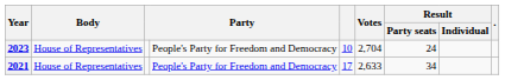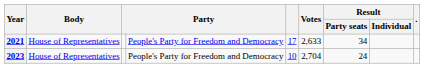 <table class="wikitable plainrowheaders sortable" border=2 cellpadding=4 cellspacing=0 style="border: 1px #aaa solid; font-size: 90%; text-align:center;">
 <tr>
 <th scope="col" rowspan=2>Year</th>
 <th scope="col" rowspan=2>Body</th>
 <th scope="col" colspan=2 rowspan=2>Party</th>
 <th scope="col" rowspan=2></th>
 <th scope="col" rowspan=2>Votes</th>
 <th scope="colgroup" colspan=2>Result</th>
 <th scope="col" rowspan=2 class="unsortable">.</th>
 </tr>
 <tr>
 <th scope="col">Party seats</th>
 <th scope="col">Individual</th>
 </tr>
 <tr>
+<th scope="row"><a href='#'>2021</a></th>
+<td><a href='#'>House of Representatives</a></td>
+<td style="background-color:"></td>
+<td><a href='#'>People's Party for Freedom and Democracy</a></td>
+<td style=text-align:right><a href='#'>17</a></td>
+<td style=text-align:right>2,633</td>
+<td style=text-align:right>34</td>
+<td></td>
+<td></td>
+</tr>
+<tr>
 <th scope="row"><a href='#'>2023</a></th>
 <td><a href='#'>House of Representatives</a></td>
 <td style="background-color:"></td>
 <td>People's Party for Freedom and Democracy</td>
 <td style=text-align:right><a href='#'>10</a></td>
 <td style=text-align:right>2,704</td>
 <td style=text-align:right>24</td>
 <td></td>
 <td></td>
 </tr>
-<tr>
-<th scope="row"><a href='#'>2021</a></th>
-<td><a href='#'>House of Representatives</a></td>
-<td style="background-color:"></td>
-<td><a href='#'>People's Party for Freedom and Democracy</a></td>
-<td style=text-align:right><a href='#'>17</a></td>
-<td style=text-align:right>2,633</td>
-<td style=text-align:right>34</td>
-<td></td>
-<td></td>
-</tr>
 </table>
